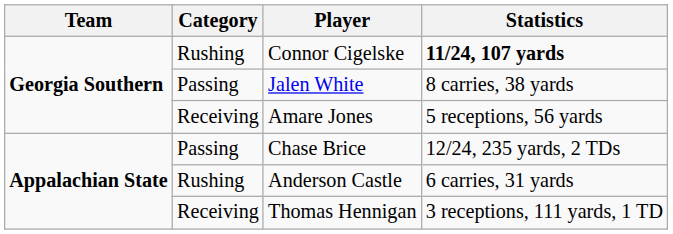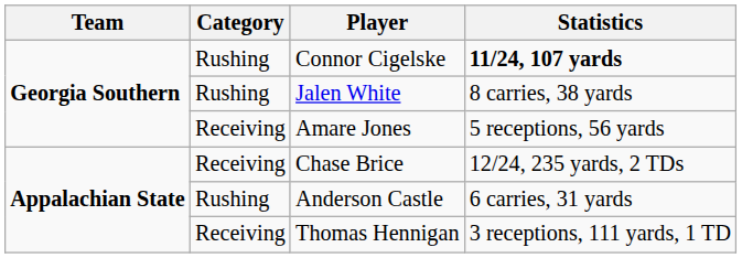 <table class="wikitable" style="float: left;">
 <tr>
 <th>Team</th>
 <th>Category</th>
 <th>Player</th>
 <th>Statistics</th>
 </tr>
 <tr>
 <td rowspan=3><strong>Georgia Southern</strong></td>
 <td>Rushing</td>
 <td>Connor Cigelske</td>
 <td><strong>11/24, 107 yards</strong></td>
 </tr>
 <tr>
-<td>Passing</td>
+<td>Rushing</td>
 <td><a href='#'>Jalen White</a></td>
 <td>8 carries, 38 yards</td>
 </tr>
 <tr>
 <td>Receiving</td>
 <td>Amare Jones</td>
 <td>5 receptions, 56 yards</td>
 </tr>
 <tr>
 <td rowspan=3><strong>Appalachian State</strong></td>
-<td>Passing</td>
+<td>Receiving</td>
 <td>Chase Brice</td>
 <td>12/24, 235 yards, 2 TDs</td>
 </tr>
 <tr>
 <td>Rushing</td>
 <td>Anderson Castle</td>
 <td>6 carries, 31 yards</td>
 </tr>
 <tr>
 <td>Receiving</td>
 <td>Thomas Hennigan</td>
 <td>3 receptions, 111 yards, 1 TD</td>
 </tr>
 </table>
